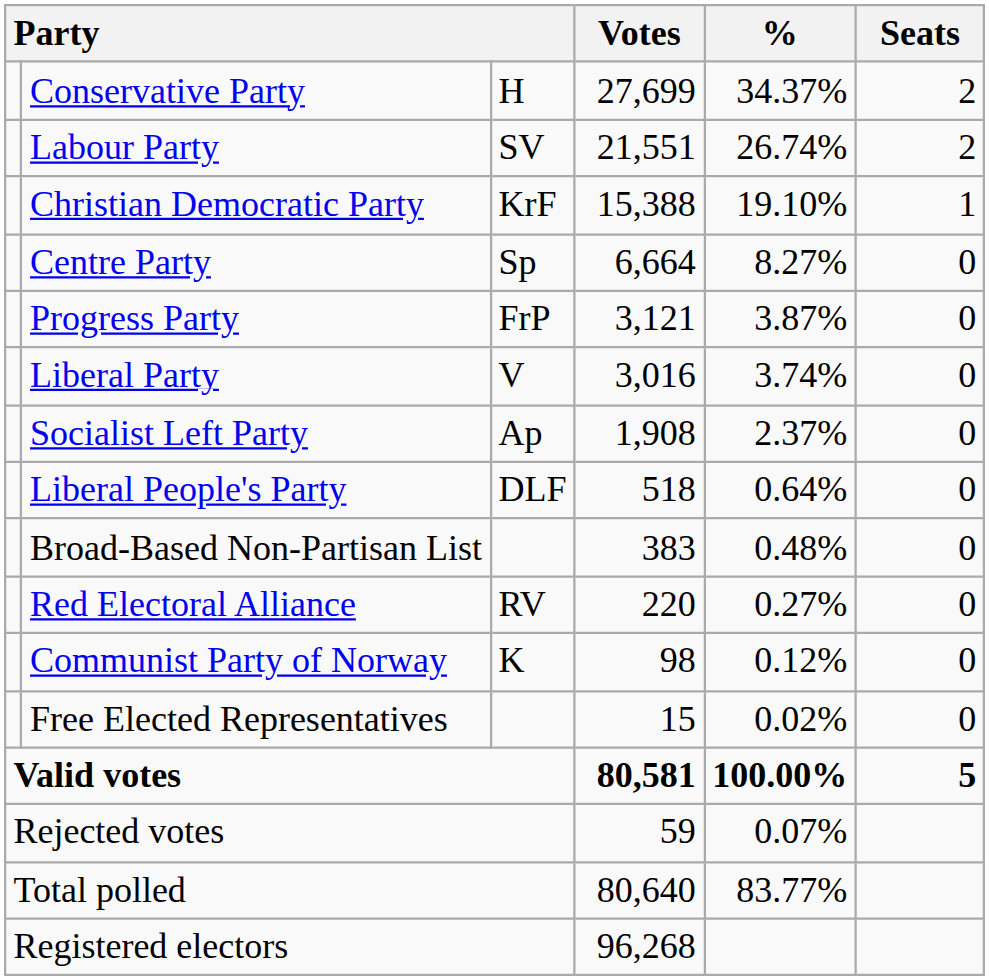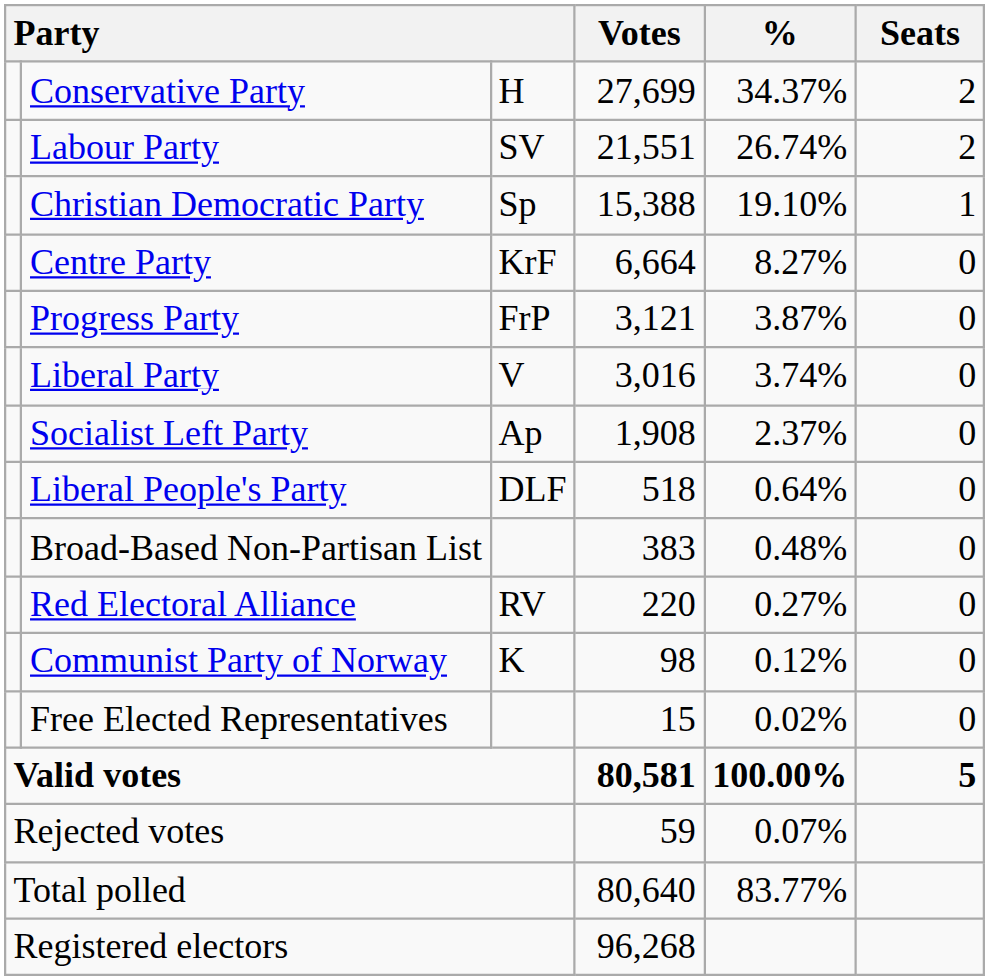 <table class="wikitable" border="1" style="text-align:right;">
 <tr>
 <th style="text-align:left;" colspan=3>Party</th>
 <th align=center width="50">Votes</th>
 <th align=center width="50">%</th>
 <th align=center width="50">Seats</th>
 </tr>
 <tr>
 <td style="color:inherit;background:"></td>
 <td align=left><a href='#'>Conservative Party</a></td>
 <td align=left>H</td>
 <td>27,699</td>
 <td>34.37%</td>
 <td>2</td>
 </tr>
 <tr>
 <td style="color:inherit;background:"></td>
 <td align=left><a href='#'>Labour Party</a></td>
 <td align=left>SV</td>
 <td>21,551</td>
 <td>26.74%</td>
 <td>2</td>
 </tr>
 <tr>
 <td style="color:inherit;background:"></td>
 <td align=left><a href='#'>Christian Democratic Party</a></td>
-<td align=left>KrF</td>
+<td align=left>Sp</td>
 <td>15,388</td>
 <td>19.10%</td>
 <td>1</td>
 </tr>
 <tr>
 <td style="color:inherit;background:"></td>
 <td align=left><a href='#'>Centre Party</a></td>
-<td align=left>Sp</td>
+<td align=left>KrF</td>
 <td>6,664</td>
 <td>8.27%</td>
 <td>0</td>
 </tr>
 <tr>
 <td style="color:inherit;background:"></td>
 <td align=left><a href='#'>Progress Party</a></td>
 <td align=left>FrP</td>
 <td>3,121</td>
 <td>3.87%</td>
 <td>0</td>
 </tr>
 <tr>
 <td style="color:inherit;background:"></td>
 <td align=left><a href='#'>Liberal Party</a></td>
 <td align=left>V</td>
 <td>3,016</td>
 <td>3.74%</td>
 <td>0</td>
 </tr>
 <tr>
 <td style="color:inherit;background:"></td>
 <td align=left><a href='#'>Socialist Left Party</a></td>
 <td align=left>Ap</td>
 <td>1,908</td>
 <td>2.37%</td>
 <td>0</td>
 </tr>
 <tr>
 <td style="color:inherit;background:"></td>
 <td align=left><a href='#'>Liberal People's Party</a></td>
 <td align=left>DLF</td>
 <td>518</td>
 <td>0.64%</td>
 <td>0</td>
 </tr>
 <tr>
 <td></td>
 <td align=left>Broad-Based Non-Partisan List</td>
 <td align=left></td>
 <td>383</td>
 <td>0.48%</td>
 <td>0</td>
 </tr>
 <tr>
 <td style="color:inherit;background:"></td>
 <td align=left><a href='#'>Red Electoral Alliance</a></td>
 <td align=left>RV</td>
 <td>220</td>
 <td>0.27%</td>
 <td>0</td>
 </tr>
 <tr>
 <td style="color:inherit;background:"></td>
 <td align=left><a href='#'>Communist Party of Norway</a></td>
 <td align=left>K</td>
 <td>98</td>
 <td>0.12%</td>
 <td>0</td>
 </tr>
 <tr>
 <td></td>
 <td align=left>Free Elected Representatives</td>
 <td align=left></td>
 <td>15</td>
 <td>0.02%</td>
 <td>0</td>
 </tr>
 <tr style="font-weight:bold">
 <td align=left colspan=3>Valid votes</td>
 <td>80,581</td>
 <td>100.00%</td>
 <td>5</td>
 </tr>
 <tr>
 <td align=left colspan=3>Rejected votes</td>
 <td>59</td>
 <td>0.07%</td>
 <td></td>
 </tr>
 <tr>
 <td align=left colspan=3>Total polled</td>
 <td>80,640</td>
 <td>83.77%</td>
 <td></td>
 </tr>
 <tr>
 <td align=left colspan=3>Registered electors</td>
 <td>96,268</td>
 <td></td>
 <td></td>
 </tr>
 </table>
